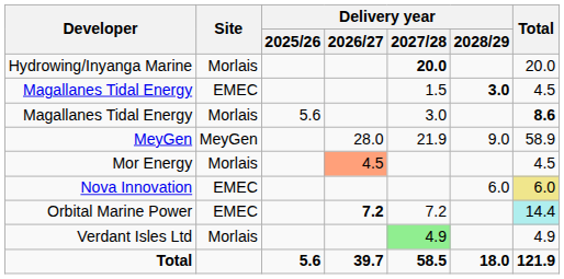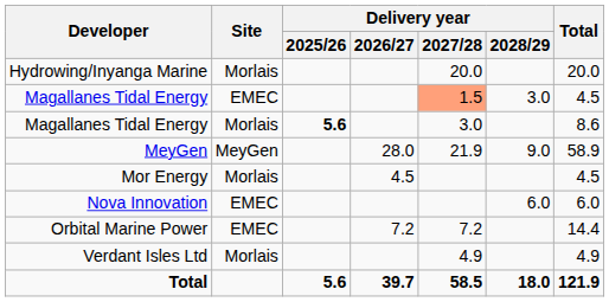 <table class="wikitable col1left col2left"  style="text-align:right">
 <tr>
 <th rowspan="2">Developer</th>
 <th rowspan="2">Site</th>
 <th colspan="4">Delivery year</th>
 <th rowspan="2">Total</th>
 </tr>
 <tr>
 <th>2025/26</th>
 <th>2026/27</th>
 <th>2027/28</th>
 <th>2028/29</th>
 </tr>
 <tr>
 <td>Hydrowing/Inyanga Marine</td>
 <td>Morlais</td>
 <td></td>
 <td></td>
-<td><strong>20.0</strong></td>
+<td>20.0</td>
 <td></td>
 <td>20.0</td>
 </tr>
 <tr>
 <td><a href='#'>Magallanes Tidal Energy</a></td>
 <td>EMEC</td>
 <td></td>
 <td></td>
-<td>1.5</td>
-<td><strong>3.0</strong></td>
+<td style="background: lightsalmon;">1.5</td>
+<td>3.0</td>
 <td>4.5</td>
 </tr>
 <tr>
 <td>Magallanes Tidal Energy</td>
 <td>Morlais</td>
-<td>5.6</td>
+<td><strong>5.6</strong></td>
 <td></td>
 <td>3.0</td>
 <td></td>
-<td><strong>8.6</strong></td>
+<td>8.6</td>
 </tr>
 <tr>
 <td><a href='#'>MeyGen</a></td>
 <td>MeyGen</td>
 <td></td>
 <td>28.0</td>
 <td>21.9</td>
 <td>9.0</td>
 <td>58.9</td>
 </tr>
 <tr>
 <td>Mor Energy</td>
 <td>Morlais</td>
 <td></td>
-<td style="background: lightsalmon;">4.5</td>
+<td>4.5</td>
 <td></td>
 <td></td>
 <td>4.5</td>
 </tr>
 <tr>
 <td><a href='#'>Nova Innovation</a></td>
 <td>EMEC</td>
 <td></td>
 <td></td>
 <td></td>
 <td>6.0</td>
-<td style="background: khaki;">6.0</td>
+<td>6.0</td>
 </tr>
 <tr>
 <td>Orbital Marine Power</td>
 <td>EMEC</td>
 <td></td>
-<td><strong>7.2</strong></td>
+<td>7.2</td>
 <td>7.2</td>
 <td></td>
-<td style="background: paleturquoise;">14.4</td>
+<td>14.4</td>
 </tr>
 <tr>
 <td>Verdant Isles Ltd</td>
 <td>Morlais</td>
 <td></td>
 <td></td>
-<td style="background: lightgreen;">4.9</td>
+<td>4.9</td>
 <td></td>
 <td>4.9</td>
 </tr>
 <tr>
 <td><strong>Total</strong></td>
 <td></td>
 <td><strong>5.6</strong></td>
 <td><strong>39.7</strong></td>
 <td><strong>58.5</strong></td>
 <td><strong>18.0</strong></td>
 <td><strong>121.9</strong></td>
 </tr>
 </table>
